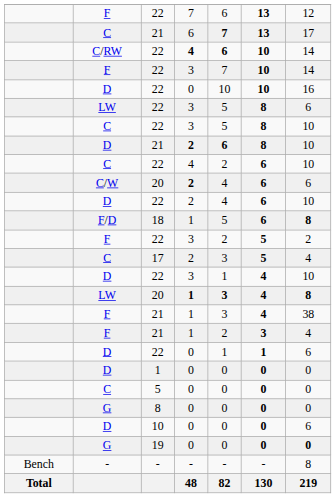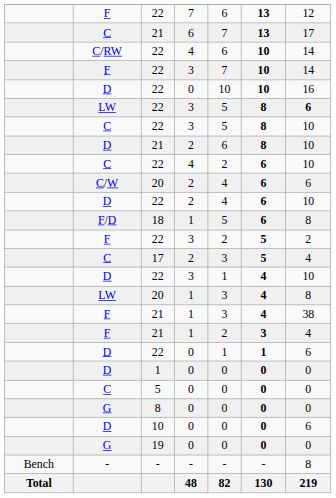 <table class="wikitable sortable" width ="50%">
 <tr align="center">
 </tr>
 <tr align="center" bgcolor="">
 <td></td>
 <td><a href='#'>F</a></td>
 <td>22</td>
 <td>7</td>
 <td>6</td>
 <td><strong>13</strong></td>
 <td>12</td>
 </tr>
 <tr align="center" bgcolor="f0f0f0">
 <td></td>
 <td><a href='#'>C</a></td>
 <td>21</td>
 <td>6</td>
-<td><strong>7</strong></td>
+<td>7</td>
 <td><strong>13</strong></td>
 <td>17</td>
 </tr>
 <tr align="center" bgcolor="">
 <td></td>
 <td><a href='#'>C</a>/<a href='#'>RW</a></td>
 <td>22</td>
-<td><strong>4</strong></td>
-<td><strong>6</strong></td>
+<td>4</td>
+<td>6</td>
 <td><strong>10</strong></td>
 <td>14</td>
 </tr>
 <tr align="center" bgcolor="f0f0f0">
 <td></td>
 <td><a href='#'>F</a></td>
 <td>22</td>
 <td>3</td>
 <td>7</td>
 <td><strong>10</strong></td>
 <td>14</td>
 </tr>
 <tr align="center" bgcolor="">
 <td></td>
 <td><a href='#'>D</a></td>
 <td>22</td>
 <td>0</td>
 <td>10</td>
 <td><strong>10</strong></td>
 <td>16</td>
 </tr>
 <tr align="center" bgcolor="f0f0f0">
 <td></td>
 <td><a href='#'>LW</a></td>
 <td>22</td>
 <td>3</td>
 <td>5</td>
 <td><strong>8</strong></td>
-<td>6</td>
+<td><strong>6</strong></td>
 </tr>
 <tr align="center" bgcolor="">
 <td></td>
 <td><a href='#'>C</a></td>
 <td>22</td>
 <td>3</td>
 <td>5</td>
 <td><strong>8</strong></td>
 <td>10</td>
 </tr>
 <tr align="center" bgcolor="f0f0f0">
 <td></td>
 <td><a href='#'>D</a></td>
 <td>21</td>
-<td><strong>2</strong></td>
-<td><strong>6</strong></td>
+<td>2</td>
+<td>6</td>
 <td><strong>8</strong></td>
 <td>10</td>
 </tr>
 <tr align="center" bgcolor="">
 <td></td>
 <td><a href='#'>C</a></td>
 <td>22</td>
 <td>4</td>
 <td>2</td>
 <td><strong>6</strong></td>
 <td>10</td>
 </tr>
 <tr align="center" bgcolor="f0f0f0">
 <td></td>
 <td><a href='#'>C</a>/<a href='#'>W</a></td>
 <td>20</td>
-<td><strong>2</strong></td>
+<td>2</td>
 <td>4</td>
 <td><strong>6</strong></td>
 <td>6</td>
 </tr>
 <tr align="center" bgcolor="">
 <td></td>
 <td><a href='#'>D</a></td>
 <td>22</td>
 <td>2</td>
 <td>4</td>
 <td><strong>6</strong></td>
 <td>10</td>
 </tr>
 <tr align="center" bgcolor="f0f0f0">
 <td></td>
 <td><a href='#'>F</a>/<a href='#'>D</a></td>
 <td>18</td>
 <td>1</td>
 <td>5</td>
 <td><strong>6</strong></td>
-<td><strong>8</strong></td>
+<td>8</td>
 </tr>
 <tr align="center" bgcolor="">
 <td></td>
 <td><a href='#'>F</a></td>
 <td>22</td>
 <td>3</td>
 <td>2</td>
 <td><strong>5</strong></td>
 <td>2</td>
 </tr>
 <tr align="center" bgcolor="f0f0f0">
 <td></td>
 <td><a href='#'>C</a></td>
 <td>17</td>
 <td>2</td>
 <td>3</td>
 <td><strong>5</strong></td>
 <td>4</td>
 </tr>
 <tr align="center" bgcolor="">
 <td></td>
 <td><a href='#'>D</a></td>
 <td>22</td>
 <td>3</td>
 <td>1</td>
 <td><strong>4</strong></td>
 <td>10</td>
 </tr>
 <tr align="center" bgcolor="f0f0f0">
 <td></td>
 <td><a href='#'>LW</a></td>
 <td>20</td>
-<td><strong>1</strong></td>
-<td><strong>3</strong></td>
+<td>1</td>
+<td>3</td>
 <td><strong>4</strong></td>
-<td><strong>8</strong></td>
+<td>8</td>
 </tr>
 <tr align="center" bgcolor="">
 <td></td>
 <td><a href='#'>F</a></td>
 <td>21</td>
 <td>1</td>
 <td>3</td>
 <td><strong>4</strong></td>
 <td>38</td>
 </tr>
 <tr align="center" bgcolor="f0f0f0">
 <td></td>
 <td><a href='#'>F</a></td>
 <td>21</td>
 <td>1</td>
 <td>2</td>
 <td><strong>3</strong></td>
 <td>4</td>
 </tr>
 <tr align="center" bgcolor="">
 <td></td>
 <td><a href='#'>D</a></td>
 <td>22</td>
 <td>0</td>
 <td>1</td>
 <td><strong>1</strong></td>
 <td>6</td>
 </tr>
 <tr align="center" bgcolor="f0f0f0">
 <td></td>
 <td><a href='#'>D</a></td>
 <td>1</td>
 <td>0</td>
 <td>0</td>
 <td><strong>0</strong></td>
 <td>0</td>
 </tr>
 <tr align="center" bgcolor="">
 <td></td>
 <td><a href='#'>C</a></td>
 <td>5</td>
 <td>0</td>
 <td>0</td>
 <td><strong>0</strong></td>
 <td>0</td>
 </tr>
 <tr align="center" bgcolor="f0f0f0">
 <td></td>
 <td><a href='#'>G</a></td>
 <td>8</td>
 <td>0</td>
 <td>0</td>
 <td><strong>0</strong></td>
 <td>0</td>
 </tr>
 <tr align="center" bgcolor="">
 <td></td>
 <td><a href='#'>D</a></td>
 <td>10</td>
 <td>0</td>
 <td>0</td>
 <td><strong>0</strong></td>
 <td>6</td>
 </tr>
 <tr align="center" bgcolor="f0f0f0">
 <td></td>
 <td><a href='#'>G</a></td>
 <td>19</td>
 <td>0</td>
 <td>0</td>
 <td><strong>0</strong></td>
-<td><strong>0</strong></td>
+<td>0</td>
 </tr>
 <tr align="center" bgcolor="">
 <td>Bench</td>
 <td>-</td>
 <td>-</td>
 <td>-</td>
 <td>-</td>
 <td>-</td>
 <td>8</td>
 </tr>
 <tr>
 <th>Total</th>
 <th></th>
 <th></th>
 <th>48</th>
 <th>82</th>
 <th>130</th>
 <th>219</th>
 </tr>
 </table>
